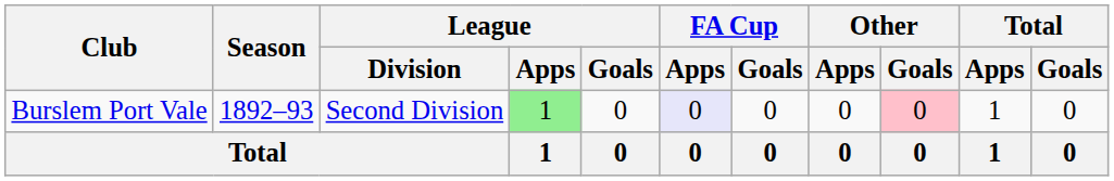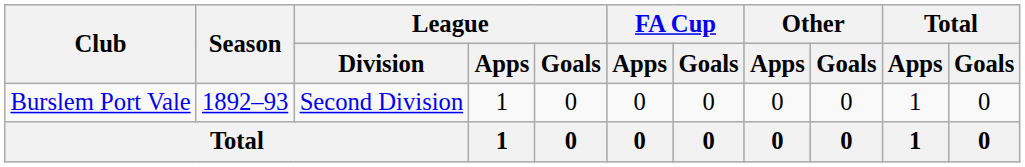 <table class="wikitable" style="text-align:center">
 <tr>
 <th rowspan="2">Club</th>
 <th rowspan="2">Season</th>
 <th colspan="3">League</th>
 <th colspan="2"><a href='#'>FA Cup</a></th>
 <th colspan="2">Other</th>
 <th colspan="2">Total</th>
 </tr>
 <tr>
 <th>Division</th>
 <th>Apps</th>
 <th>Goals</th>
 <th>Apps</th>
 <th>Goals</th>
 <th>Apps</th>
 <th>Goals</th>
 <th>Apps</th>
 <th>Goals</th>
 </tr>
 <tr>
 <td><a href='#'>Burslem Port Vale</a></td>
 <td><a href='#'>1892–93</a></td>
 <td><a href='#'>Second Division</a></td>
-<td style="background: lightgreen;">1</td>
-<td>0</td>
-<td style="background: lavender;">0</td>
+<td>1</td>
 <td>0</td>
 <td>0</td>
-<td style="background: pink;">0</td>
+<td>0</td>
+<td>0</td>
+<td>0</td>
 <td>1</td>
 <td>0</td>
 </tr>
 <tr>
 <th colspan="3">Total</th>
 <th>1</th>
 <th>0</th>
 <th>0</th>
 <th>0</th>
 <th>0</th>
 <th>0</th>
 <th>1</th>
 <th>0</th>
 </tr>
 </table>
